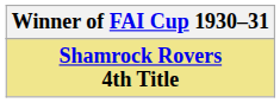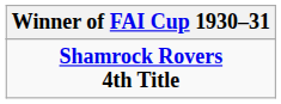 <table class="wikitable" style="text-align: center; margin: 0 auto;">
 <tr>
 <th>Winner of <a href='#'>FAI Cup</a> 1930–31</th>
 </tr>
 <tr>
 </tr>
 <tr>
-<td style="background: khaki;"><strong><a href='#'>Shamrock Rovers</a></strong><br><strong>4th Title</strong></td>
+<td><strong><a href='#'>Shamrock Rovers</a></strong><br><strong>4th Title</strong></td>
 </tr>
 </table>
